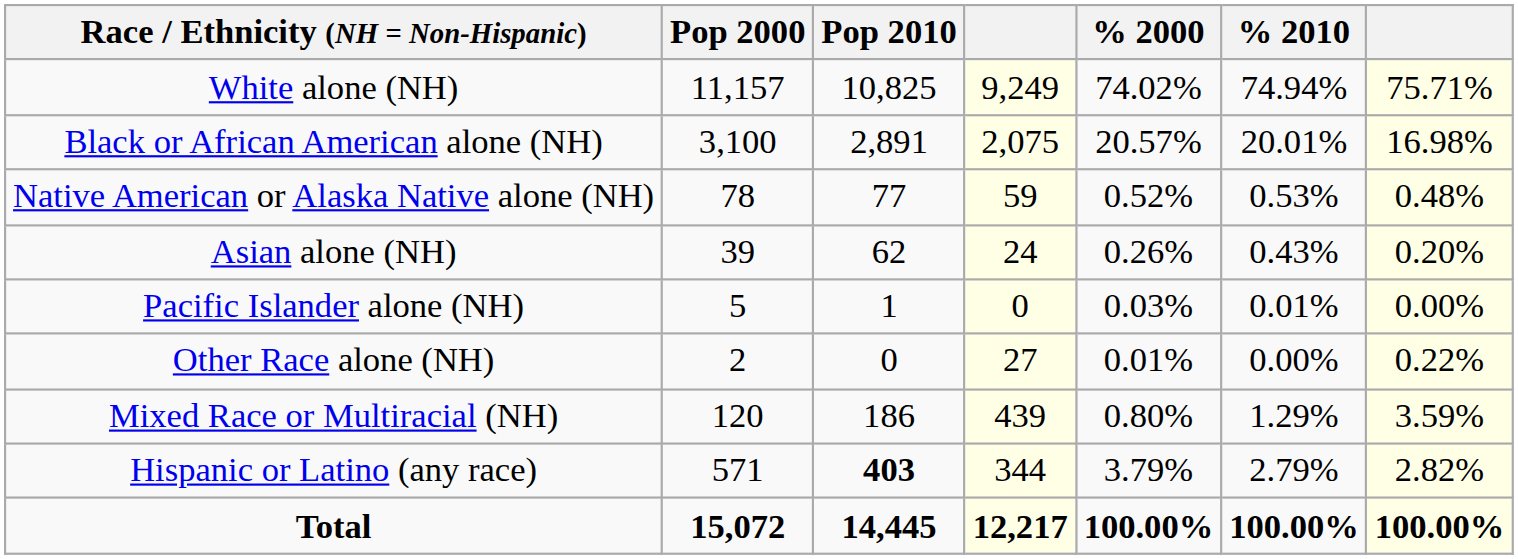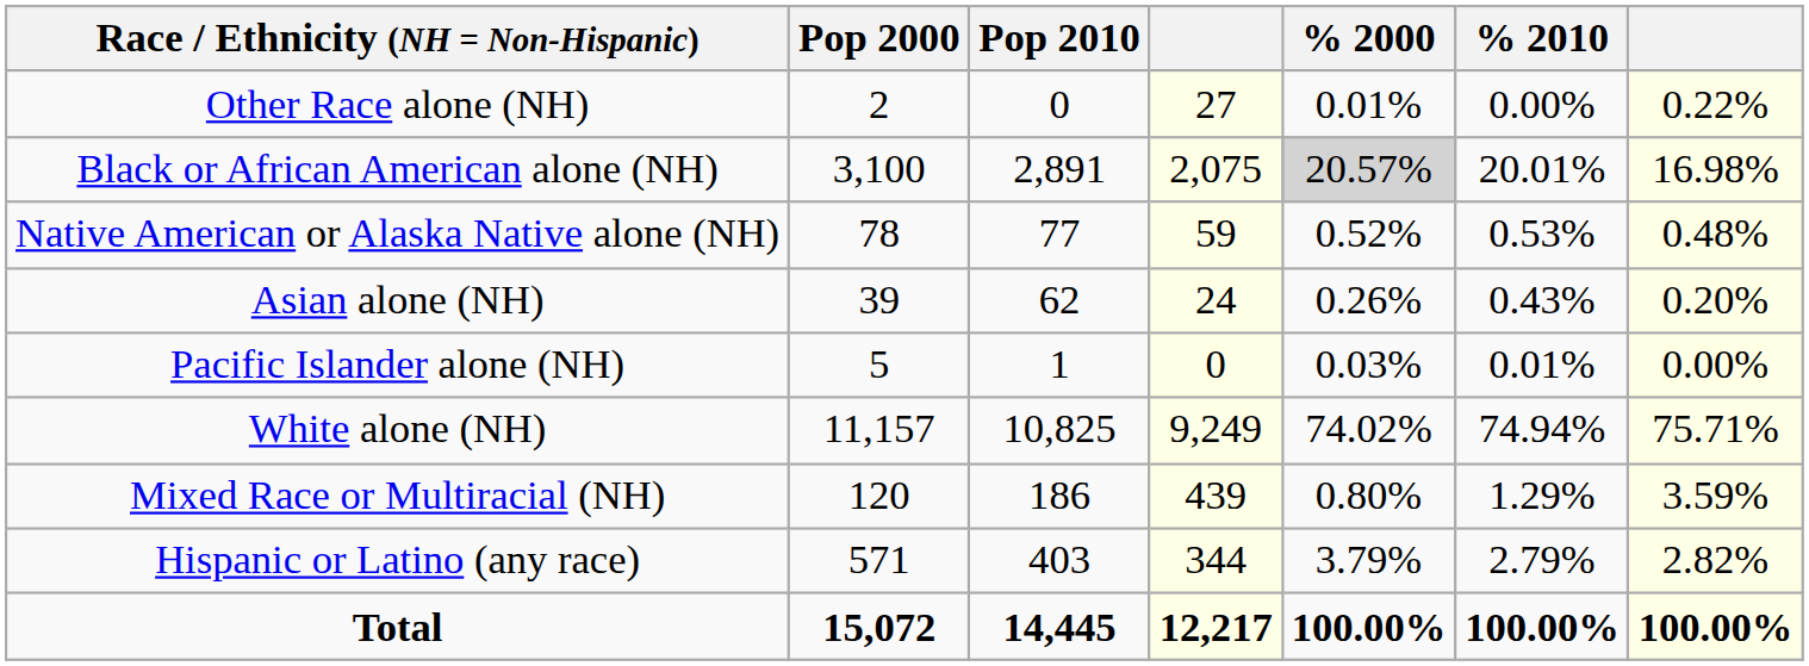 <table class="wikitable" style="text-align:center;">
 <tr>
 <th>Race / Ethnicity <small>(<em>NH = Non-Hispanic</em>)</small></th>
 <th>Pop 2000</th>
 <th>Pop 2010</th>
 <th></th>
 <th>% 2000</th>
 <th>% 2010</th>
 <th></th>
 </tr>
 <tr>
-<td><a href='#'>White</a> alone (NH)</td>
-<td>11,157</td>
-<td>10,825</td>
-<td style='background: #ffffe6;'>9,249</td>
-<td>74.02%</td>
-<td>74.94%</td>
-<td style='background: #ffffe6;'>75.71%</td>
+<td><a href='#'>Other Race</a> alone (NH)</td>
+<td>2</td>
+<td>0</td>
+<td style='background: #ffffe6;'>27</td>
+<td>0.01%</td>
+<td>0.00%</td>
+<td style='background: #ffffe6;'>0.22%</td>
 </tr>
 <tr>
 <td><a href='#'>Black or African American</a> alone (NH)</td>
 <td>3,100</td>
 <td>2,891</td>
 <td style='background: #ffffe6;'>2,075</td>
-<td>20.57%</td>
+<td style="background: lightgrey;">20.57%</td>
 <td>20.01%</td>
 <td style='background: #ffffe6;'>16.98%</td>
 </tr>
 <tr>
 <td><a href='#'>Native American</a> or <a href='#'>Alaska Native</a> alone (NH)</td>
 <td>78</td>
 <td>77</td>
 <td style='background: #ffffe6;'>59</td>
 <td>0.52%</td>
 <td>0.53%</td>
 <td style='background: #ffffe6;'>0.48%</td>
 </tr>
 <tr>
 <td><a href='#'>Asian</a> alone (NH)</td>
 <td>39</td>
 <td>62</td>
 <td style='background: #ffffe6;'>24</td>
 <td>0.26%</td>
 <td>0.43%</td>
 <td style='background: #ffffe6;'>0.20%</td>
 </tr>
 <tr>
 <td><a href='#'>Pacific Islander</a> alone (NH)</td>
 <td>5</td>
 <td>1</td>
 <td style='background: #ffffe6;'>0</td>
 <td>0.03%</td>
 <td>0.01%</td>
 <td style='background: #ffffe6;'>0.00%</td>
 </tr>
 <tr>
-<td><a href='#'>Other Race</a> alone (NH)</td>
-<td>2</td>
-<td>0</td>
-<td style='background: #ffffe6;'>27</td>
-<td>0.01%</td>
-<td>0.00%</td>
-<td style='background: #ffffe6;'>0.22%</td>
+<td><a href='#'>White</a> alone (NH)</td>
+<td>11,157</td>
+<td>10,825</td>
+<td style='background: #ffffe6;'>9,249</td>
+<td>74.02%</td>
+<td>74.94%</td>
+<td style='background: #ffffe6;'>75.71%</td>
 </tr>
 <tr>
 <td><a href='#'>Mixed Race or Multiracial</a> (NH)</td>
 <td>120</td>
 <td>186</td>
 <td style='background: #ffffe6;'>439</td>
 <td>0.80%</td>
 <td>1.29%</td>
 <td style='background: #ffffe6;'>3.59%</td>
 </tr>
 <tr>
 <td><a href='#'>Hispanic or Latino</a> (any race)</td>
 <td>571</td>
-<td><strong>403</strong></td>
+<td>403</td>
 <td style='background: #ffffe6;'>344</td>
 <td>3.79%</td>
 <td>2.79%</td>
 <td style='background: #ffffe6;'>2.82%</td>
 </tr>
 <tr>
 <td><strong>Total</strong></td>
 <td><strong>15,072</strong></td>
 <td><strong>14,445</strong></td>
 <td style='background: #ffffe6;'><strong>12,217</strong></td>
 <td><strong>100.00%</strong></td>
 <td><strong>100.00%</strong></td>
 <td style='background: #ffffe6;'><strong>100.00%</strong></td>
 </tr>
 </table>
